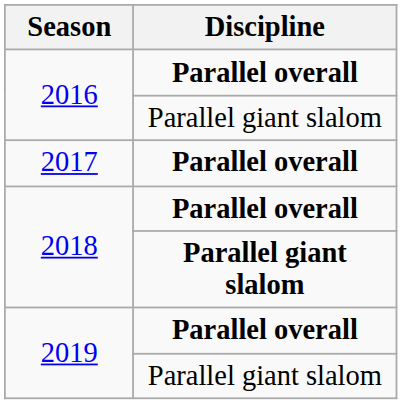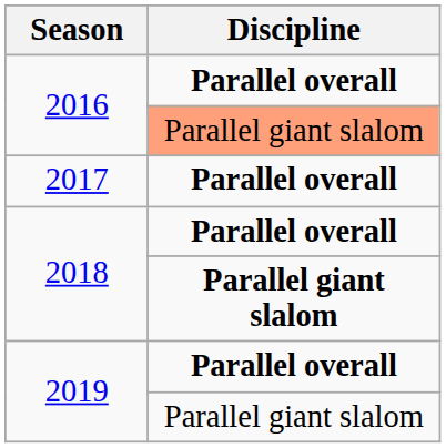 <table class="wikitable">
 <tr>
 <th style="width:65px;">Season</th>
 <th style="width:140px;">Discipline</th>
 </tr>
 <tr>
 <td rowspan=2 align=center><a href='#'>2016</a></td>
 <td align=center><strong>Parallel overall</strong></td>
 </tr>
 <tr>
-<td align=center>Parallel giant slalom</td>
+<td align=center style="background: lightsalmon;">Parallel giant slalom</td>
 </tr>
 <tr>
 <td align=center><a href='#'>2017</a></td>
 <td align=center><strong>Parallel overall</strong></td>
 </tr>
 <tr>
 <td rowspan=2 align=center><a href='#'>2018</a></td>
 <td align=center><strong>Parallel overall</strong></td>
 </tr>
 <tr>
 <td align=center><strong>Parallel giant slalom</strong></td>
 </tr>
 <tr>
 <td rowspan=2 align=center><a href='#'>2019</a></td>
 <td align=center><strong>Parallel overall</strong></td>
 </tr>
 <tr>
 <td align=center>Parallel giant slalom</td>
 </tr>
 </table>
